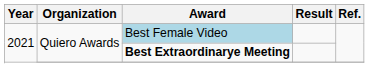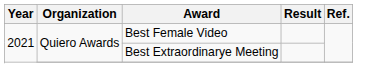 <table class="wikitable plainrowheaders">
 <tr align=center>
 <th scope="col">Year</th>
 <th scope="col">Organization</th>
 <th scope="col">Award</th>
 <th scope="col">Result</th>
 <th scope="col">Ref.</th>
 </tr>
 <tr>
 <td rowspan="4">2021</td>
 <td rowspan="2">Quiero Awards</td>
-<td style="background: lightblue;">Best Female Video</td>
+<td>Best Female Video</td>
 <td></td>
 <td rowspan="2"></td>
 </tr>
 <tr>
-<td><strong>Best Extraordinarye Meeting</strong></td>
+<td>Best Extraordinarye Meeting</td>
 <td></td>
 </tr>
 <tr>
 </tr>
 </table>
